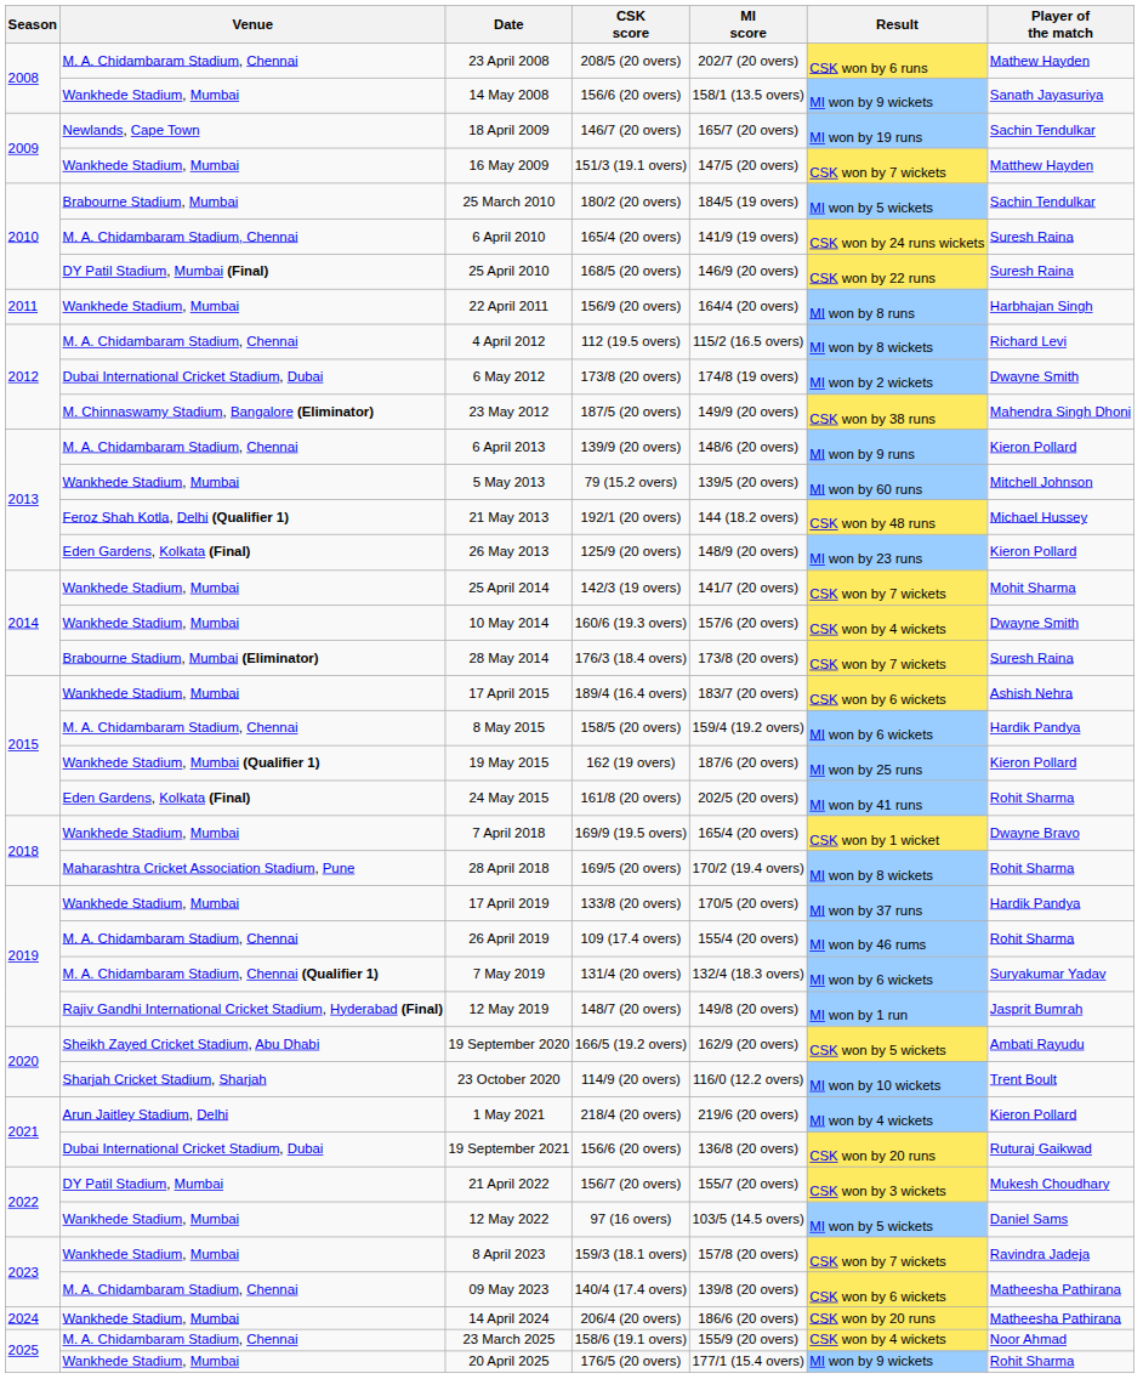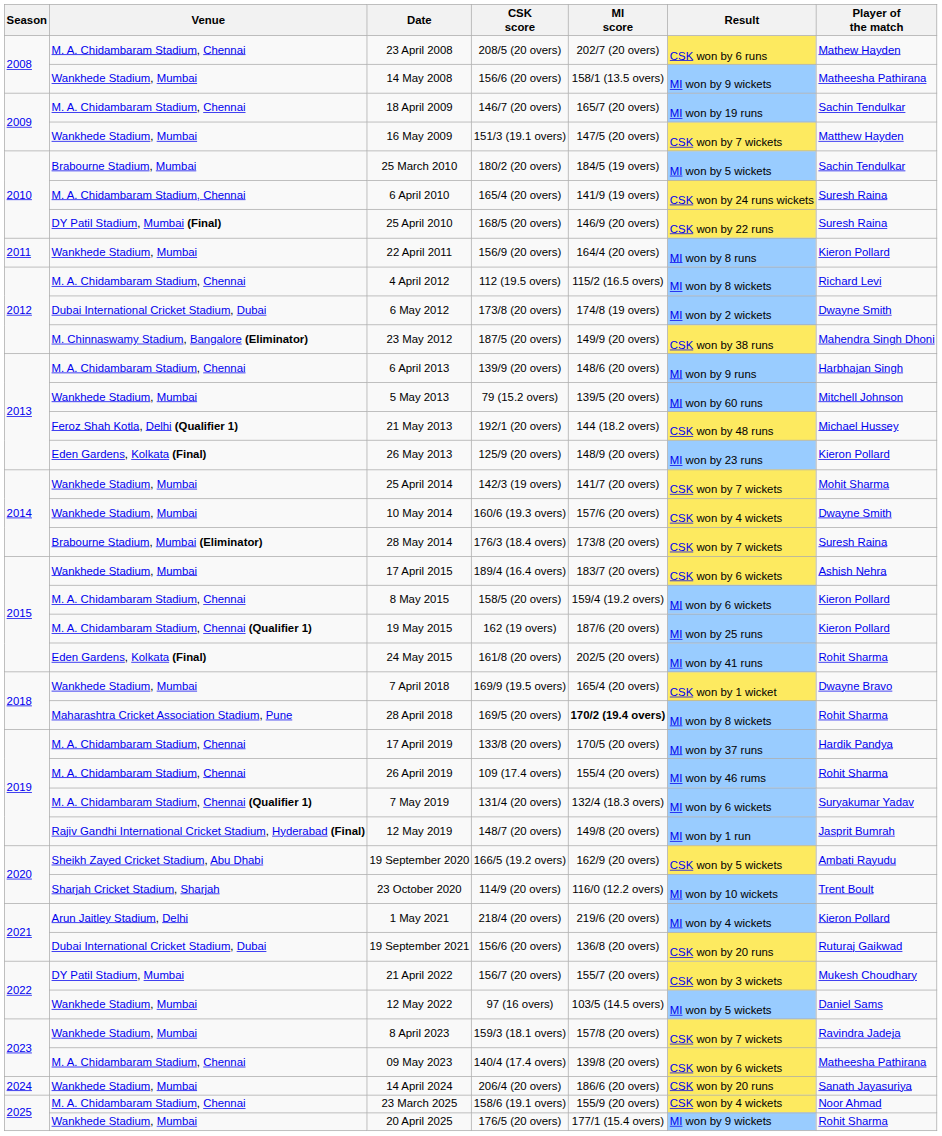 <table class="wikitable" style="border-collapse:collapse; text-align:left; font-size:80%">
 <tr>
 <th><big>Season</big></th>
 <th><big>Venue</big></th>
 <th><big>Date</big></th>
 <th><big>CSK<br>score</big></th>
 <th><big>MI<br>score</big></th>
 <th><big>Result</big></th>
 <th><big>Player of<br>the match</big></th>
 </tr>
 <tr>
 <td Rowspan= 2><a href='#'><big>2008</big></a></td>
 <td><big><a href='#'>M. A. Chidambaram Stadium</a>, <a href='#'>Chennai</a></big></td>
 <td align=center><big>23 April 2008</big></td>
 <td align=center><big>208/5 (20 overs)</big></td>
 <td align=center><big>202/7 (20 overs)</big></td>
 <td bgcolor="#fdea60"><br><big><a href='#'>CSK</a> won by 6 runs</big></td>
 <td><a href='#'><big>Mathew Hayden</big></a></td>
 </tr>
 <tr>
 <td><big><a href='#'>Wankhede Stadium</a>, <a href='#'>Mumbai</a></big></td>
 <td align=center><big>14 May 2008</big></td>
 <td align=center><big>156/6 (20 overs)</big></td>
 <td align=center><big>158/1 (13.5 overs)</big></td>
 <td bgcolor="#99ccff"><br><big><a href='#'>MI</a> won by 9 wickets</big></td>
-<td><a href='#'><big>Sanath Jayasuriya</big></a></td>
+<td><a href='#'><big>Matheesha Pathirana</big></a></td>
 </tr>
 <tr>
 <td Rowspan= 2><a href='#'><big>2009</big></a></td>
-<td><big><a href='#'>Newlands</a>, <a href='#'>Cape Town</a></big></td>
+<td><big><a href='#'>M. A. Chidambaram Stadium</a>, <a href='#'>Chennai</a></big></td>
 <td align=center><big>18 April 2009</big></td>
 <td align=center><big>146/7 (20 overs)</big></td>
 <td align=center><big>165/7 (20 overs)</big></td>
 <td bgcolor="#99ccff"><br><big><a href='#'>MI</a> won by 19 runs</big></td>
 <td><a href='#'><big>Sachin Tendulkar</big></a></td>
 </tr>
 <tr>
 <td><big><a href='#'>Wankhede Stadium</a>, <a href='#'>Mumbai</a></big></td>
 <td align=center><big>16 May 2009</big></td>
 <td align=center><big>151/3 (19.1 overs)</big></td>
 <td align=center><big>147/5 (20 overs)</big></td>
 <td bgcolor="#fdea60"><br><big><a href='#'>CSK</a> won by 7 wickets</big></td>
 <td><a href='#'><big>Matthew Hayden</big></a></td>
 </tr>
 <tr>
 <td Rowspan= 3><a href='#'><big>2010</big></a></td>
 <td><big><a href='#'>Brabourne Stadium</a>, <a href='#'>Mumbai</a></big></td>
 <td align=center><big>25 March 2010</big></td>
 <td align=center><big>180/2 (20 overs)</big></td>
 <td align=center><big>184/5 (19 overs)</big></td>
 <td bgcolor="#99ccff"><br><big><a href='#'>MI</a> won by 5 wickets</big></td>
 <td><a href='#'><big>Sachin Tendulkar</big></a></td>
 </tr>
 <tr>
 <td><a href='#'><big>M. A. Chidambaram Stadium, Chennai</big></a></td>
 <td align=center><big>6 April 2010</big></td>
 <td align=center><big>165/4 (20 overs)</big></td>
 <td align=center><big>141/9 (19 overs)</big></td>
 <td bgcolor="#fdea60"><br><big><a href='#'>CSK</a> won by 24 runs wickets</big></td>
 <td><a href='#'><big>Suresh Raina</big></a></td>
 </tr>
 <tr>
 <td><big><a href='#'>DY Patil Stadium</a>, <a href='#'>Mumbai</a> <strong>(Final)</strong></big></td>
 <td align=center><big>25 April 2010</big></td>
 <td align=center><big>168/5 (20 overs)</big></td>
 <td align=center><big>146/9 (20 overs)</big></td>
 <td bgcolor="#fdea60"><br><big><a href='#'>CSK</a> won by 22 runs</big></td>
 <td><a href='#'><big>Suresh Raina</big></a></td>
 </tr>
 <tr>
 <td><a href='#'><big>2011</big></a></td>
 <td><big><a href='#'>Wankhede Stadium</a>, <a href='#'>Mumbai</a></big></td>
 <td align=center><big>22 April 2011</big></td>
 <td align=center><big>156/9 (20 overs)</big></td>
 <td align=center><big>164/4 (20 overs)</big></td>
 <td bgcolor="#99ccff"><br><big><a href='#'>MI</a> won by 8 runs</big></td>
-<td><a href='#'><big>Harbhajan Singh</big></a></td>
+<td><a href='#'><big>Kieron Pollard</big></a></td>
 </tr>
 <tr>
 <td Rowspan= 3><a href='#'><big>2012</big></a></td>
 <td><big><a href='#'>M. A. Chidambaram Stadium</a>, <a href='#'>Chennai</a></big></td>
 <td align=center><big>4 April 2012</big></td>
 <td align=center><big>112 (19.5 overs)</big></td>
 <td align=center><big>115/2 (16.5 overs)</big></td>
 <td bgcolor="#99ccff"><br><big><a href='#'>MI</a> won by 8 wickets</big></td>
 <td><a href='#'><big>Richard Levi</big></a></td>
 </tr>
 <tr>
 <td><big><a href='#'>Dubai International Cricket Stadium</a>, <a href='#'>Dubai</a></big></td>
 <td align=center><big>6 May 2012</big></td>
 <td align=center><big>173/8 (20 overs)</big></td>
 <td align=center><big>174/8 (19 overs)</big></td>
 <td bgcolor="#99ccff"><br><big><a href='#'>MI</a> won by 2 wickets</big></td>
 <td><a href='#'><big>Dwayne Smith</big></a></td>
 </tr>
 <tr>
 <td><big><a href='#'>M. Chinnaswamy Stadium</a>, <a href='#'>Bangalore</a> <strong>(Eliminator)</strong></big></td>
 <td align=center><big>23 May 2012</big></td>
 <td align=center><big>187/5 (20 overs)</big></td>
 <td align=center><big>149/9 (20 overs)</big></td>
 <td bgcolor="#fdea60"><br><big><a href='#'>CSK</a> won by 38 runs</big></td>
 <td><a href='#'><big>Mahendra Singh Dhoni</big></a></td>
 </tr>
 <tr>
 <td Rowspan= 4><a href='#'><big>2013</big></a></td>
 <td><big><a href='#'>M. A. Chidambaram Stadium</a>, <a href='#'>Chennai</a></big></td>
 <td align=center><big>6 April 2013</big></td>
 <td align=center><big>139/9 (20 overs)</big></td>
 <td align=center><big>148/6 (20 overs)</big></td>
 <td bgcolor="#99ccff"><br><big><a href='#'>MI</a> won by 9 runs</big></td>
-<td><a href='#'><big>Kieron Pollard</big></a></td>
+<td><a href='#'><big>Harbhajan Singh</big></a></td>
 </tr>
 <tr>
 <td><big><a href='#'>Wankhede Stadium</a>, <a href='#'>Mumbai</a></big></td>
 <td align=center><big>5 May 2013</big></td>
 <td align=center><big>79 (15.2 overs)</big></td>
 <td align=center><big>139/5 (20 overs)</big></td>
 <td bgcolor="#99ccff"><br><big><a href='#'>MI</a> won by 60 runs</big></td>
 <td><a href='#'><big>Mitchell Johnson</big></a></td>
 </tr>
 <tr>
 <td><big><a href='#'>Feroz Shah Kotla</a>, <a href='#'>Delhi</a> <strong>(Qualifier 1)</strong></big></td>
 <td align=center><big>21 May 2013</big></td>
 <td align=center><big>192/1 (20 overs)</big></td>
 <td align=center><big>144 (18.2 overs)</big></td>
 <td bgcolor="#fdea60"><br><big><a href='#'>CSK</a> won by 48 runs</big></td>
 <td><a href='#'><big>Michael Hussey</big></a></td>
 </tr>
 <tr>
 <td><big><a href='#'>Eden Gardens</a>, <a href='#'>Kolkata</a> <strong>(Final)</strong></big></td>
 <td align=center><big>26 May 2013</big></td>
 <td align=center><big>125/9 (20 overs)</big></td>
 <td align=center><big>148/9 (20 overs)</big></td>
 <td bgcolor="#99ccff"><br><big><a href='#'>MI</a> won by 23 runs</big></td>
 <td><a href='#'><big>Kieron Pollard</big></a></td>
 </tr>
 <tr>
 <td Rowspan= 3><a href='#'><big>2014</big></a></td>
 <td><big><a href='#'>Wankhede Stadium</a>, <a href='#'>Mumbai</a></big></td>
 <td align=center><big>25 April 2014</big></td>
 <td align=center><big>142/3 (19 overs)</big></td>
 <td align=center><big>141/7 (20 overs)</big></td>
 <td bgcolor="#fdea60"><br><big><a href='#'>CSK</a> won by 7 wickets</big></td>
 <td><a href='#'><big>Mohit Sharma</big></a></td>
 </tr>
 <tr>
 <td><big><a href='#'>Wankhede Stadium</a>, <a href='#'>Mumbai</a></big></td>
 <td align=center><big>10 May 2014</big></td>
 <td align=center><big>160/6 (19.3 overs)</big></td>
 <td align=center><big>157/6 (20 overs)</big></td>
 <td bgcolor="#fdea60"><br><big><a href='#'>CSK</a> won by 4 wickets</big></td>
 <td><a href='#'><big>Dwayne Smith</big></a></td>
 </tr>
 <tr>
 <td><big><a href='#'>Brabourne Stadium</a>, <a href='#'>Mumbai</a> <strong>(Eliminator)</strong></big></td>
 <td align=center><big>28 May 2014</big></td>
 <td align=center><big>176/3 (18.4 overs)</big></td>
 <td align=center><big>173/8 (20 overs)</big></td>
 <td bgcolor="#fdea60"><br><big><a href='#'>CSK</a> won by 7 wickets</big></td>
 <td><a href='#'><big>Suresh Raina</big></a></td>
 </tr>
 <tr>
 <td Rowspan= 4><a href='#'><big>2015</big></a></td>
 <td><big><a href='#'>Wankhede Stadium</a>, <a href='#'>Mumbai</a></big></td>
 <td align=center><big>17 April 2015</big></td>
 <td align=center><big>189/4 (16.4 overs)</big></td>
 <td align=center><big>183/7 (20 overs)</big></td>
 <td bgcolor="#fdea60"><br><big><a href='#'>CSK</a> won by 6 wickets</big></td>
 <td><a href='#'><big>Ashish Nehra</big></a></td>
 </tr>
 <tr>
 <td><big><a href='#'>M. A. Chidambaram Stadium</a>, <a href='#'>Chennai</a></big></td>
 <td align=center><big>8 May 2015</big></td>
 <td align=center><big>158/5 (20 overs)</big></td>
 <td align=center><big>159/4 (19.2 overs)</big></td>
 <td bgcolor="#99ccff"><br><big><a href='#'>MI</a> won by 6 wickets</big></td>
-<td><a href='#'><big>Hardik Pandya</big></a></td>
+<td><a href='#'><big>Kieron Pollard</big></a></td>
 </tr>
 <tr>
-<td><big><a href='#'>Wankhede Stadium</a>, <a href='#'>Mumbai</a> <strong>(Qualifier 1)</strong></big></td>
+<td><big><a href='#'>M. A. Chidambaram Stadium</a>, <a href='#'>Chennai</a> <strong>(Qualifier 1)</strong></big></td>
 <td align=center><big>19 May 2015</big></td>
 <td align=center><big>162 (19 overs)</big></td>
 <td align=center><big>187/6 (20 overs)</big></td>
 <td bgcolor="#99ccff"><br><big><a href='#'>MI</a> won by 25 runs</big></td>
 <td><a href='#'><big>Kieron Pollard</big></a></td>
 </tr>
 <tr>
 <td><big><a href='#'>Eden Gardens</a>, <a href='#'>Kolkata</a> <strong>(Final)</strong></big></td>
 <td align=center><big>24 May 2015</big></td>
 <td align=center><big>161/8 (20 overs)</big></td>
 <td align=center><big>202/5 (20 overs)</big></td>
 <td bgcolor="#99ccff"><br><big><a href='#'>MI</a> won by 41 runs</big></td>
 <td><a href='#'><big>Rohit Sharma</big></a></td>
 </tr>
 <tr>
 <td Rowspan= 2><a href='#'><big>2018</big></a></td>
 <td><big><a href='#'>Wankhede Stadium</a>, <a href='#'>Mumbai</a></big></td>
 <td align=center><big>7 April 2018</big></td>
 <td align=center><big>169/9 (19.5 overs)</big></td>
 <td align=center><big>165/4 (20 overs)</big></td>
 <td bgcolor="#fdea60"><br><big><a href='#'>CSK</a> won by 1 wicket</big></td>
 <td><a href='#'><big>Dwayne Bravo</big></a></td>
 </tr>
 <tr>
 <td><big><a href='#'>Maharashtra Cricket Association Stadium</a>, <a href='#'>Pune</a></big></td>
 <td align=center><big>28 April 2018</big></td>
 <td align=center><big>169/5 (20 overs)</big></td>
-<td align=center><big>170/2 (19.4 overs)</big></td>
+<td align=center><strong><big>170/2 (19.4 overs)</big></strong></td>
 <td bgcolor="#99ccff"><br><big><a href='#'>MI</a> won by 8 wickets</big></td>
 <td><a href='#'><big>Rohit Sharma</big></a></td>
 </tr>
 <tr>
 <td Rowspan= 4><a href='#'><big>2019</big></a></td>
-<td><big><a href='#'>Wankhede Stadium</a>, <a href='#'>Mumbai</a></big></td>
+<td><big><a href='#'>M. A. Chidambaram Stadium</a>, <a href='#'>Chennai</a></big></td>
 <td align=center><big>17 April 2019</big></td>
 <td align=center><big>133/8 (20 overs)</big></td>
 <td align=center><big>170/5 (20 overs)</big></td>
 <td bgcolor="#99ccff"><br><big><a href='#'>MI</a> won by 37 runs</big></td>
 <td><a href='#'><big>Hardik Pandya</big></a></td>
 </tr>
 <tr>
 <td><big><a href='#'>M. A. Chidambaram Stadium</a>, <a href='#'>Chennai</a></big></td>
 <td align=center><big>26 April 2019</big></td>
 <td align=center><big>109 (17.4 overs)</big></td>
 <td align=center><big>155/4 (20 overs)</big></td>
 <td bgcolor="#99ccff"><br><big><a href='#'>MI</a> won by 46 rums</big></td>
 <td><a href='#'><big>Rohit Sharma</big></a></td>
 </tr>
 <tr>
 <td><big><a href='#'>M. A. Chidambaram Stadium</a>, <a href='#'>Chennai</a> <strong>(Qualifier 1)</strong></big></td>
 <td align=center><big>7 May 2019</big></td>
 <td align=center><big>131/4 (20 overs)</big></td>
 <td align=center><big>132/4 (18.3 overs)</big></td>
 <td bgcolor="#99ccff"><br><big><a href='#'>MI</a> won by 6 wickets</big></td>
 <td><a href='#'><big>Suryakumar Yadav</big></a></td>
 </tr>
 <tr>
 <td><big><a href='#'>Rajiv Gandhi International Cricket Stadium</a>, <a href='#'>Hyderabad</a> <strong>(Final)</strong></big></td>
 <td align=center><big>12 May 2019</big></td>
 <td align=center><big>148/7 (20 overs)</big></td>
 <td align=center><big>149/8 (20 overs)</big></td>
 <td bgcolor="#99ccff"><br><big><a href='#'>MI</a> won by 1 run</big></td>
 <td><a href='#'><big>Jasprit Bumrah</big></a></td>
 </tr>
 <tr>
 <td Rowspan= 2><a href='#'><big>2020</big></a></td>
 <td><big><a href='#'>Sheikh Zayed Cricket Stadium</a>, <a href='#'>Abu Dhabi</a></big></td>
 <td align=center><big>19 September 2020</big></td>
 <td align=center><big>166/5 (19.2 overs)</big></td>
 <td align=center><big>162/9 (20 overs)</big></td>
 <td bgcolor="#fdea60"><br><big><a href='#'>CSK</a> won by 5 wickets</big></td>
 <td><a href='#'><big>Ambati Rayudu</big></a></td>
 </tr>
 <tr>
 <td><big><a href='#'>Sharjah Cricket Stadium</a>, <a href='#'>Sharjah</a></big></td>
 <td align=center><big>23 October 2020</big></td>
 <td align=center><big>114/9 (20 overs)</big></td>
 <td align=center><big>116/0 (12.2 overs)</big></td>
 <td bgcolor="#99ccff"><br><big><a href='#'>MI</a> won by 10 wickets</big></td>
 <td><a href='#'><big>Trent Boult</big></a></td>
 </tr>
 <tr>
 <td Rowspan= 2><a href='#'><big>2021</big></a></td>
 <td><big><a href='#'>Arun Jaitley Stadium</a>, <a href='#'>Delhi</a></big></td>
 <td align=center><big>1 May 2021</big></td>
 <td align=center><big>218/4 (20 overs)</big></td>
 <td align=center><big>219/6 (20 overs)</big></td>
 <td bgcolor="#99ccff"><br><big><a href='#'>MI</a> won by 4 wickets</big></td>
 <td><a href='#'><big>Kieron Pollard</big></a></td>
 </tr>
 <tr>
 <td><big><a href='#'>Dubai International Cricket Stadium</a>, <a href='#'>Dubai</a></big></td>
 <td align=center><big>19 September 2021</big></td>
 <td align=center><big>156/6 (20 overs)</big></td>
 <td align=center><big>136/8 (20 overs)</big></td>
 <td bgcolor="#fdea60"><br><big><a href='#'>CSK</a> won by 20 runs</big></td>
 <td><a href='#'><big>Ruturaj Gaikwad</big></a></td>
 </tr>
 <tr>
 <td Rowspan= 2><a href='#'><big>2022</big></a></td>
 <td><big><a href='#'>DY Patil Stadium</a>, <a href='#'>Mumbai</a></big></td>
 <td align=center><big>21 April 2022</big></td>
 <td align=center><big>156/7 (20 overs)</big></td>
 <td align=center><big>155/7 (20 overs)</big></td>
 <td bgcolor="#fdea60"><br><big><a href='#'>CSK</a> won by 3 wickets</big></td>
 <td><a href='#'><big>Mukesh Choudhary</big></a></td>
 </tr>
 <tr>
 <td><big><a href='#'>Wankhede Stadium</a>, <a href='#'>Mumbai</a></big></td>
 <td align=center><big>12 May 2022</big></td>
 <td align=center><big>97 (16 overs)</big></td>
 <td align=center><big>103/5 (14.5 overs)</big></td>
 <td bgcolor="#99ccff"><br><big><a href='#'>MI</a> won by 5 wickets</big></td>
 <td><a href='#'><big>Daniel Sams</big></a></td>
 </tr>
 <tr>
 <td Rowspan= 2><a href='#'><big>2023</big></a></td>
 <td><big><a href='#'>Wankhede Stadium</a>, <a href='#'>Mumbai</a></big></td>
 <td align=center><big>8 April 2023</big></td>
 <td align=center><big>159/3 (18.1 overs)</big></td>
 <td align=center><big>157/8 (20 overs)</big></td>
 <td bgcolor="#fdea60"><br><big><a href='#'>CSK</a> won by 7 wickets</big></td>
 <td><a href='#'><big>Ravindra Jadeja</big></a></td>
 </tr>
 <tr>
 <td><big><a href='#'>M. A. Chidambaram Stadium</a>, <a href='#'>Chennai</a></big></td>
 <td align=center><big>09 May 2023</big></td>
 <td align=center><big>140/4 (17.4 overs)</big></td>
 <td align=center><big>139/8 (20 overs)</big></td>
 <td bgcolor="#fdea60"><br><big><a href='#'>CSK</a> won by 6 wickets</big></td>
 <td><a href='#'><big>Matheesha Pathirana</big></a></td>
 </tr>
 <tr>
 <td><big><a href='#'>2024</a></big></td>
 <td><big><a href='#'>Wankhede Stadium</a>, <a href='#'>Mumbai</a></big></td>
 <td align=center><big>14 April 2024</big></td>
 <td align=center><big>206/4 (20 overs)</big></td>
 <td align=center><big>186/6 (20 overs)</big></td>
 <td bgcolor="#fdea60"><big><a href='#'>CSK</a> won by 20 runs</big></td>
-<td><a href='#'><big>Matheesha Pathirana</big></a></td>
+<td><a href='#'><big>Sanath Jayasuriya</big></a></td>
 </tr>
 <tr>
 <td Rowspan= 2><big><a href='#'>2025</a></big></td>
 <td><big><a href='#'>M. A. Chidambaram Stadium</a>, <a href='#'>Chennai</a></big></td>
 <td align=center><big>23 March 2025</big></td>
 <td align=center><big>158/6 (19.1 overs)</big></td>
 <td align=center><big>155/9 (20 overs)</big></td>
 <td bgcolor="#fdea60"><big><a href='#'>CSK</a> won by 4 wickets</big></td>
 <td><a href='#'><big>Noor Ahmad</big></a></td>
 </tr>
 <tr>
 <td><big><a href='#'>Wankhede Stadium</a>, <a href='#'>Mumbai</a></big></td>
 <td align=center><big>20 April 2025</big></td>
 <td align=center><big>176/5 (20 overs)</big></td>
 <td align=center><big>177/1 (15.4 overs)</big></td>
 <td bgcolor="#99ccff"><big><a href='#'>MI</a> won by 9 wickets</big></td>
 <td><a href='#'><big>Rohit Sharma</big></a></td>
 </tr>
 </table>
